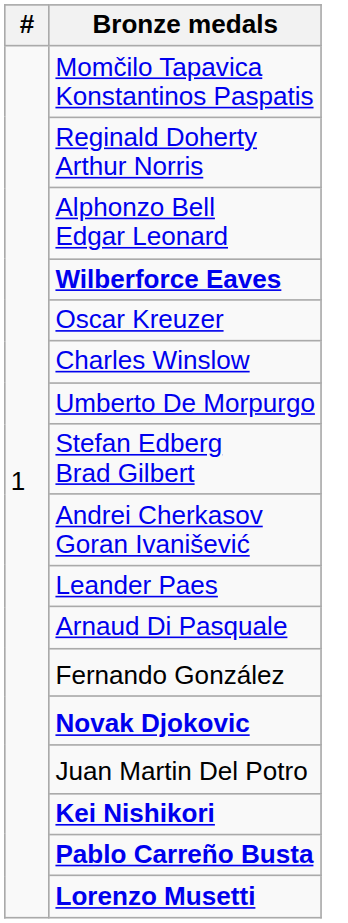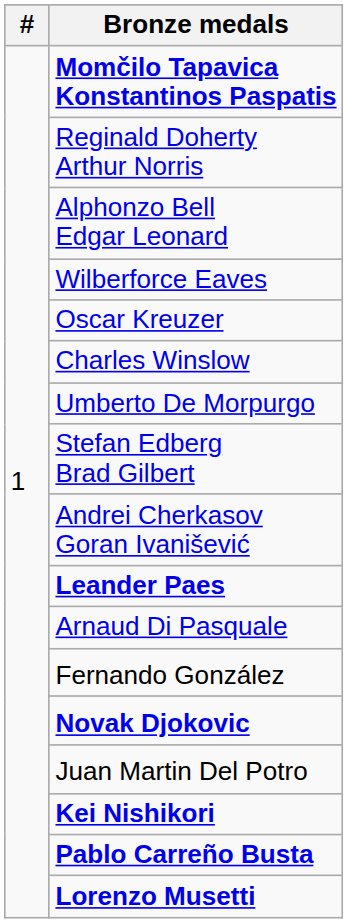 <table class="wikitable" style=display:inline-table>
 <tr>
 <th width=20>#</th>
 <th>Bronze medals</th>
 </tr>
 <tr>
 <td rowspan="17">1</td>
-<td> <a href='#'>Momčilo Tapavica</a><br> <a href='#'>Konstantinos Paspatis</a></td>
+<td><strong> <a href='#'>Momčilo Tapavica</a><br> <a href='#'>Konstantinos Paspatis</a></strong></td>
 </tr>
 <tr>
 <td> <a href='#'>Reginald Doherty</a><br> <a href='#'>Arthur Norris</a></td>
 </tr>
 <tr>
 <td> <a href='#'>Alphonzo Bell</a><br> <a href='#'>Edgar Leonard</a></td>
 </tr>
 <tr>
-<td><strong> <a href='#'>Wilberforce Eaves</a></strong></td>
+<td> <a href='#'>Wilberforce Eaves</a></td>
 </tr>
 <tr>
 <td> <a href='#'>Oscar Kreuzer</a></td>
 </tr>
 <tr>
 <td> <a href='#'>Charles Winslow</a></td>
 </tr>
 <tr>
 <td> <a href='#'>Umberto De Morpurgo</a></td>
 </tr>
 <tr>
 <td> <a href='#'>Stefan Edberg</a><br> <a href='#'>Brad Gilbert</a></td>
 </tr>
 <tr>
 <td> <a href='#'>Andrei Cherkasov</a><br> <a href='#'>Goran Ivanišević</a></td>
 </tr>
 <tr>
-<td> <a href='#'>Leander Paes</a></td>
+<td><strong> <a href='#'>Leander Paes</a></strong></td>
 </tr>
 <tr>
 <td> <a href='#'>Arnaud Di Pasquale</a></td>
 </tr>
 <tr>
 <td> Fernando González<sup></sup></td>
 </tr>
 <tr>
 <td><strong> <a href='#'>Novak Djokovic</a></strong><sup></sup></td>
 </tr>
 <tr>
 <td> Juan Martin Del Potro<sup></sup></td>
 </tr>
 <tr>
 <td><strong> <a href='#'>Kei Nishikori</a></strong></td>
 </tr>
 <tr>
 <td><strong> <a href='#'>Pablo Carreño Busta</a></strong></td>
 </tr>
 <tr>
 <td><strong> <a href='#'>Lorenzo Musetti</a></strong></td>
 </tr>
 </table>
